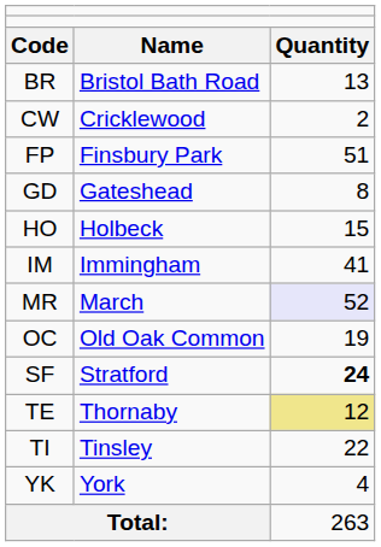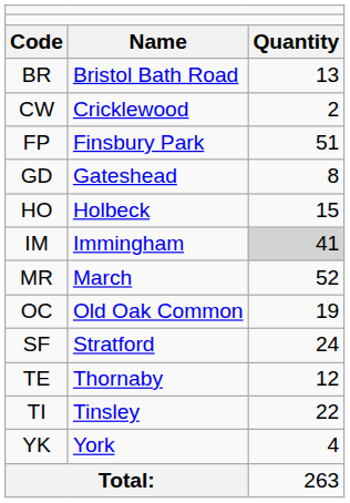 <table class="wikitable floatright">
 <tr>
 <td colspan=3></td>
 </tr>
 <tr>
 <td colspan=3></td>
 </tr>
 <tr>
 <th>Code</th>
 <th>Name</th>
 <th>Quantity</th>
 </tr>
 <tr>
 <td style="text-align:center">BR</td>
 <td><a href='#'>Bristol Bath Road</a></td>
 <td style="text-align:right">13</td>
 </tr>
 <tr>
 <td style="text-align:center">CW</td>
 <td><a href='#'>Cricklewood</a></td>
 <td style="text-align:right">2</td>
 </tr>
 <tr>
 <td style="text-align:center">FP</td>
 <td><a href='#'>Finsbury Park</a></td>
 <td style="text-align:right">51</td>
 </tr>
 <tr>
 <td style="text-align:center">GD</td>
 <td><a href='#'>Gateshead</a></td>
 <td style="text-align:right">8</td>
 </tr>
 <tr>
 <td style="text-align:center">HO</td>
 <td><a href='#'>Holbeck</a></td>
 <td style="text-align:right">15</td>
 </tr>
 <tr>
 <td style="text-align:center">IM</td>
 <td><a href='#'>Immingham</a></td>
-<td style="text-align:right">41</td>
+<td style="background: lightgrey; text-align:right">41</td>
 </tr>
 <tr>
 <td style="text-align:center">MR</td>
 <td><a href='#'>March</a></td>
-<td style="background: lavender; text-align:right">52</td>
+<td style="text-align:right">52</td>
 </tr>
 <tr>
 <td style="text-align:center">OC</td>
 <td><a href='#'>Old Oak Common</a></td>
 <td style="text-align:right">19</td>
 </tr>
 <tr>
 <td style="text-align:center">SF</td>
 <td><a href='#'>Stratford</a></td>
-<td style="text-align:right"><strong>24</strong></td>
+<td style="text-align:right">24</td>
 </tr>
 <tr>
 <td style="text-align:center">TE</td>
 <td><a href='#'>Thornaby</a></td>
-<td style="background: khaki; text-align:right">12</td>
+<td style="text-align:right">12</td>
 </tr>
 <tr>
 <td style="text-align:center">TI</td>
 <td><a href='#'>Tinsley</a></td>
 <td style="text-align:right">22</td>
 </tr>
 <tr>
 <td style="text-align:center">YK</td>
 <td><a href='#'>York</a></td>
 <td style="text-align:right">4</td>
 </tr>
 <tr>
 <th colspan=2 scope=row>Total:</th>
 <td style="text-align:right">263</td>
 </tr>
 </table>
